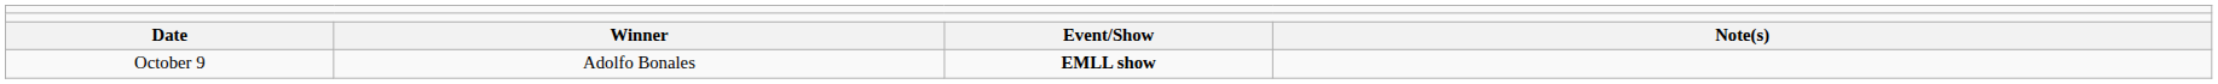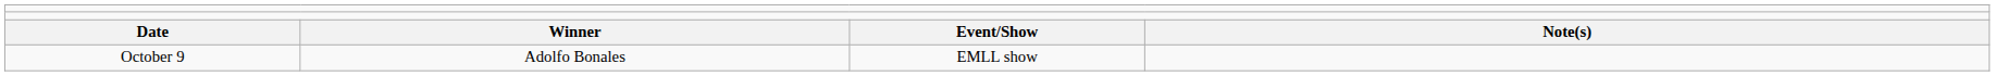 <table class="wikitable" style="text-align:center; width:100%;">
 <tr>
 <td colspan=5></td>
 </tr>
 <tr>
 <td colspan=5><strong></strong></td>
 </tr>
 <tr>
 <th width=14%>Date</th>
 <th width=26%>Winner</th>
 <th width=14%>Event/Show</th>
 <th width=40%>Note(s)</th>
 </tr>
 <tr>
 <td>October 9</td>
 <td>Adolfo Bonales</td>
-<td><strong>EMLL show</strong></td>
+<td>EMLL show</td>
 <td align=left></td>
 </tr>
 </table>
